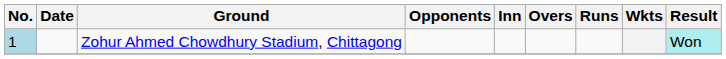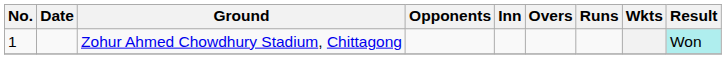 <table class="wikitable sortable">
 <tr>
 <th>No.</th>
 <th>Date</th>
 <th>Ground</th>
 <th>Opponents</th>
 <th>Inn</th>
 <th>Overs</th>
 <th>Runs</th>
 <th>Wkts</th>
 <th>Result</th>
 </tr>
 <tr>
-<td style="background: lightblue;">1</td>
+<td>1</td>
 <td></td>
 <td><a href='#'>Zohur Ahmed Chowdhury Stadium</a>, <a href='#'>Chittagong</a></td>
 <td></td>
 <td></td>
 <td></td>
 <td></td>
 <th scope="row"></th>
 <td style="background: paleturquoise;">Won</td>
 </tr>
 <tr>
 </tr>
 </table>
